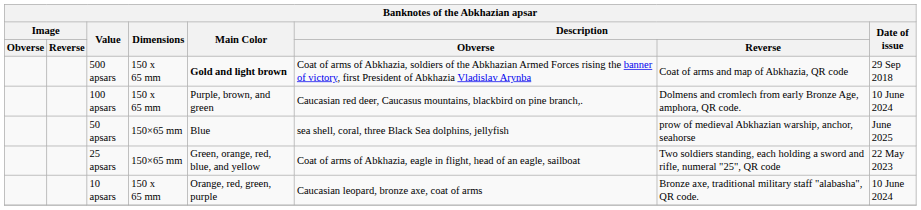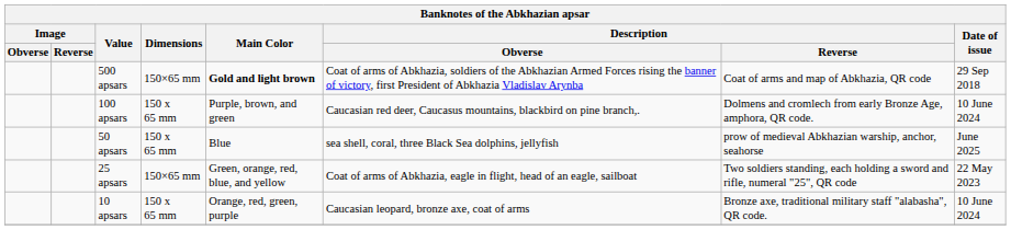 <table class="wikitable" style="font-size: 90%">
 <tr>
 <th colspan="8">Banknotes of the Abkhazian apsar</th>
 </tr>
 <tr>
 <th colspan="2">Image</th>
 <th rowspan="2">Value</th>
 <th rowspan="2">Dimensions</th>
 <th rowspan="2">Main Color</th>
 <th colspan="2">Description</th>
 <th rowspan="2">Date of issue</th>
 </tr>
 <tr>
 <th>Obverse</th>
 <th>Reverse</th>
 <th>Obverse</th>
 <th>Reverse</th>
 </tr>
 <tr>
 <td></td>
 <td></td>
 <td>500 apsars</td>
-<td>150 x 65 mm</td>
+<td>150×65 mm</td>
 <td><strong>Gold and light brown</strong></td>
 <td>Coat of arms of Abkhazia, soldiers of the Abkhazian Armed Forces rising the <a href='#'>banner of victory</a>, first President of Abkhazia <a href='#'>Vladislav Arynba</a></td>
 <td>Coat of arms and map of Abkhazia, QR code</td>
 <td>29 Sep 2018</td>
 </tr>
 <tr>
 <td></td>
 <td></td>
 <td>100<br>apsars </td>
 <td>150 x 65 mm</td>
 <td>Purple, brown, and green</td>
 <td>Caucasian red deer, Caucasus mountains, blackbird on pine branch,.</td>
 <td>Dolmens and cromlech from early Bronze Age, amphora, QR code.</td>
 <td>10 June<br>2024</td>
 </tr>
 <tr>
 <td></td>
 <td></td>
 <td>50<br>apsars</td>
-<td>150×65 mm</td>
+<td>150 x 65 mm</td>
 <td>Blue</td>
 <td>sea shell, coral, three Black Sea dolphins, jellyfish</td>
 <td>prow of medieval Abkhazian warship, anchor, seahorse</td>
 <td>June 2025</td>
 </tr>
 <tr>
 <td></td>
 <td></td>
 <td>25 apsars</td>
 <td>150×65 mm</td>
 <td>Green, orange, red, blue, and yellow</td>
 <td>Coat of arms of Abkhazia, eagle in flight, head of an eagle, sailboat</td>
 <td>Two soldiers standing, each holding a sword and rifle, numeral "25", QR code</td>
 <td>22 May 2023</td>
 </tr>
 <tr>
 <td></td>
 <td></td>
 <td>10<br>apsars </td>
 <td>150 x 65 mm</td>
 <td>Orange, red, green, purple</td>
 <td>Caucasian leopard, bronze axe, coat of arms</td>
 <td>Bronze axe, traditional military staff "alabasha", QR code.</td>
 <td>10 June<br>2024</td>
 </tr>
 <tr>
 </tr>
 </table>
